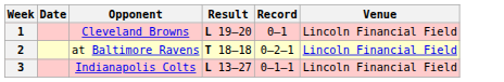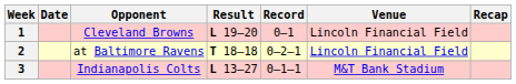 <table class="wikitable" style="text-align:center">
 <tr>
 <th>Week</th>
 <th>Date</th>
 <th>Opponent</th>
 <th>Result</th>
 <th>Record</th>
 <th>Venue</th>
+<th>Recap</th>
 </tr>
 <tr style="background:#fcc">
 <th>1</th>
 <td></td>
 <td><a href='#'>Cleveland Browns</a></td>
 <td><strong>L</strong> 19–20</td>
 <td>0–1</td>
 <td>Lincoln Financial Field</td>
+<td></td>
 </tr>
 <tr style="background:#ffc">
 <th>2</th>
 <td></td>
 <td>at <a href='#'>Baltimore Ravens</a></td>
 <td><strong>T</strong> 18–18</td>
 <td>0–2–1</td>
 <td><a href='#'>Lincoln Financial Field</a></td>
+<td></td>
 </tr>
 <tr style="background:#fcc">
 <th>3</th>
 <td></td>
 <td><a href='#'>Indianapolis Colts</a></td>
 <td><strong>L</strong> 13–27</td>
 <td>0–1–1</td>
-<td>Lincoln Financial Field</td>
+<td><a href='#'>M&T Bank Stadium</a></td>
+<td></td>
 </tr>
 </table>
